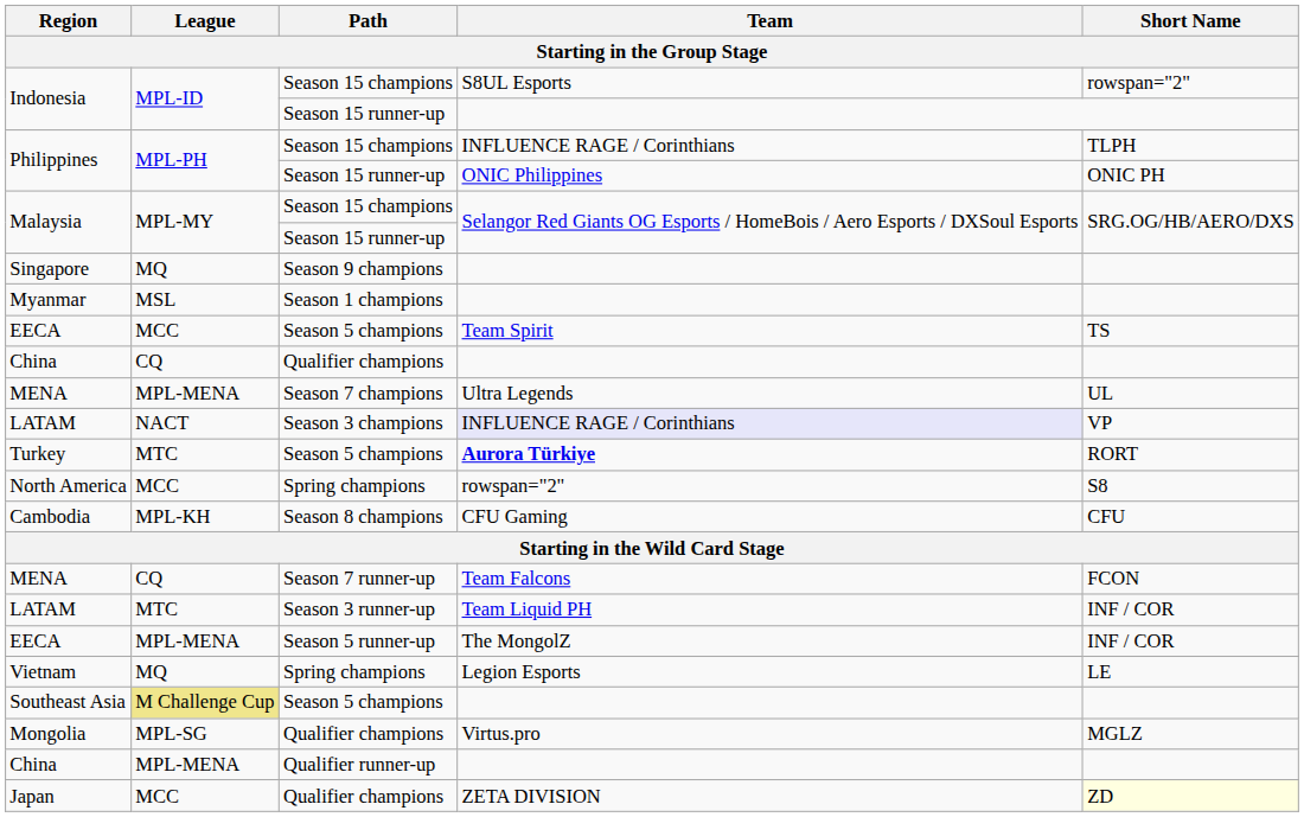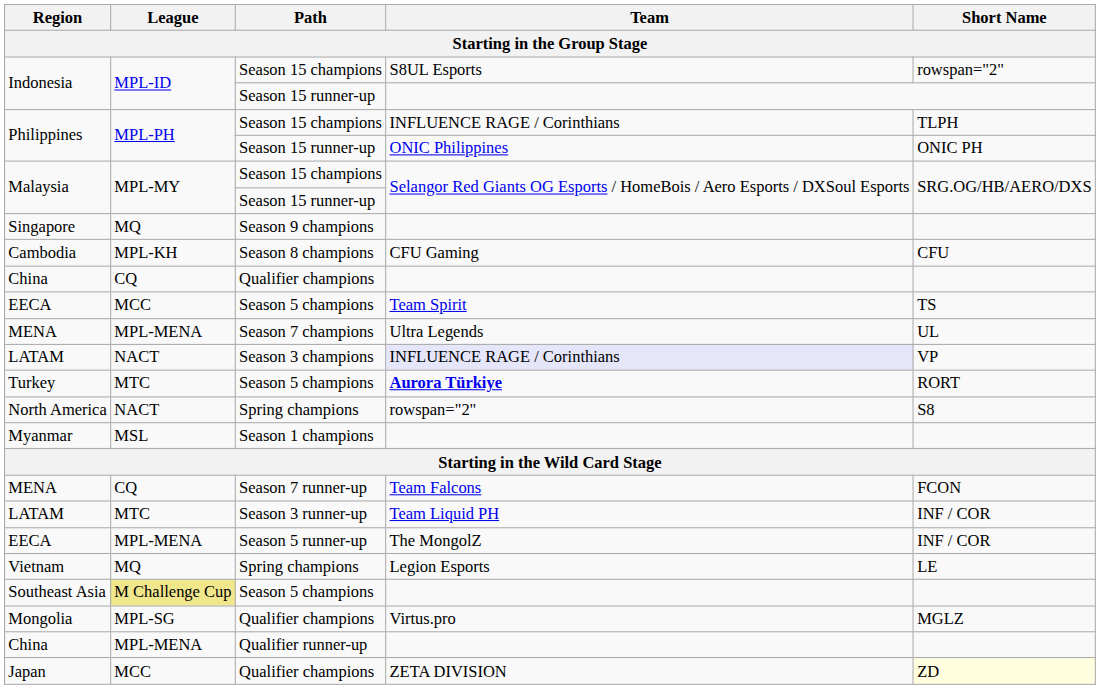 <table class="wikitable" style="margin-left: auto; margin-right: auto;">
 <tr>
 <th>Region</th>
 <th>League</th>
 <th>Path</th>
 <th>Team</th>
 <th>Short Name</th>
 </tr>
 <tr>
 <th colspan="5">Starting in the Group Stage</th>
 </tr>
 <tr>
 <td rowspan="2"> Indonesia</td>
 <td rowspan="2"><a href='#'>MPL-ID</a></td>
 <td>Season 15 champions</td>
 <td> S8UL Esports</td>
 <td>rowspan="2" </td>
 </tr>
 <tr>
 <td>Season 15 runner-up</td>
 </tr>
 <tr>
 <td rowspan="2">Philippines</td>
 <td rowspan="2"><a href='#'>MPL-PH</a></td>
 <td>Season 15 champions</td>
 <td> INFLUENCE RAGE /  Corinthians</td>
 <td>TLPH</td>
 </tr>
 <tr>
 <td>Season 15 runner-up</td>
 <td> <a href='#'>ONIC Philippines</a></td>
 <td>ONIC PH</td>
 </tr>
 <tr>
 <td rowspan="2"> Malaysia</td>
 <td rowspan="2">MPL-MY</td>
 <td>Season 15 champions</td>
 <td rowspan="2"> <a href='#'>Selangor Red Giants OG Esports</a> /  HomeBois /  Aero Esports /  DXSoul Esports</td>
 <td rowspan="2">SRG.OG/HB/AERO/DXS</td>
 </tr>
 <tr>
 <td>Season 15 runner-up</td>
 </tr>
 <tr>
 <td> Singapore</td>
 <td>MQ</td>
 <td>Season 9 champions</td>
 <td></td>
 <td></td>
 </tr>
 <tr>
-<td> Myanmar</td>
-<td>MSL</td>
-<td>Season 1 champions</td>
+<td> Cambodia</td>
+<td>MPL-KH</td>
+<td>Season 8 champions</td>
+<td> CFU Gaming</td>
+<td>CFU</td>
+</tr>
+<tr>
+<td> China</td>
+<td>CQ</td>
+<td>Qualifier champions</td>
 <td></td>
 <td></td>
 </tr>
 <tr>
 <td> EECA</td>
 <td>MCC</td>
 <td>Season 5 champions</td>
 <td> <a href='#'>Team Spirit</a></td>
 <td>TS</td>
-</tr>
-<tr>
-<td> China</td>
-<td>CQ</td>
-<td>Qualifier champions</td>
-<td></td>
-<td></td>
 </tr>
 <tr>
 <td> MENA</td>
 <td>MPL-MENA</td>
 <td>Season 7 champions</td>
 <td> Ultra Legends</td>
 <td>UL</td>
 </tr>
 <tr>
 <td> LATAM</td>
 <td>NACT</td>
 <td>Season 3 champions</td>
 <td style="background: lavender;"> INFLUENCE RAGE /  Corinthians</td>
 <td>VP</td>
 </tr>
 <tr>
 <td> Turkey</td>
 <td>MTC</td>
 <td>Season 5 champions</td>
 <td><strong> <a href='#'>Aurora Türkiye</a></strong></td>
 <td>RORT</td>
 </tr>
 <tr>
 <td> North America</td>
-<td>MCC</td>
+<td>NACT</td>
 <td>Spring champions</td>
 <td>rowspan="2" </td>
 <td>S8</td>
 </tr>
 <tr>
-<td> Cambodia</td>
-<td>MPL-KH</td>
-<td>Season 8 champions</td>
-<td> CFU Gaming</td>
-<td>CFU</td>
+<td> Myanmar</td>
+<td>MSL</td>
+<td>Season 1 champions</td>
+<td></td>
+<td></td>
 </tr>
 <tr>
 <th colspan="5">Starting in the Wild Card Stage</th>
 </tr>
 <tr>
 <td> MENA</td>
 <td>CQ</td>
 <td>Season 7 runner-up</td>
 <td> <a href='#'>Team Falcons</a></td>
 <td>FCON</td>
 </tr>
 <tr>
 <td> LATAM</td>
 <td>MTC</td>
 <td>Season 3 runner-up</td>
 <td> <a href='#'>Team Liquid PH</a></td>
 <td>INF / COR</td>
 </tr>
 <tr>
 <td> EECA</td>
 <td>MPL-MENA</td>
 <td>Season 5 runner-up</td>
 <td> The MongolZ</td>
 <td>INF / COR</td>
 </tr>
 <tr>
 <td> Vietnam</td>
 <td>MQ</td>
 <td>Spring champions</td>
 <td> Legion Esports</td>
 <td>LE</td>
 </tr>
 <tr>
 <td> Southeast Asia</td>
 <td style="background: khaki;">M Challenge Cup</td>
 <td>Season 5 champions</td>
 <td></td>
 <td></td>
 </tr>
 <tr>
 <td> Mongolia</td>
 <td>MPL-SG</td>
 <td>Qualifier champions</td>
 <td> Virtus.pro</td>
 <td>MGLZ</td>
 </tr>
 <tr>
 <td> China</td>
 <td>MPL-MENA</td>
 <td>Qualifier runner-up</td>
 <td></td>
 <td></td>
 </tr>
 <tr>
 <td> Japan</td>
 <td>MCC</td>
 <td>Qualifier champions</td>
 <td> ZETA DIVISION</td>
 <td style="background: lightyellow;">ZD</td>
 </tr>
 </table>
